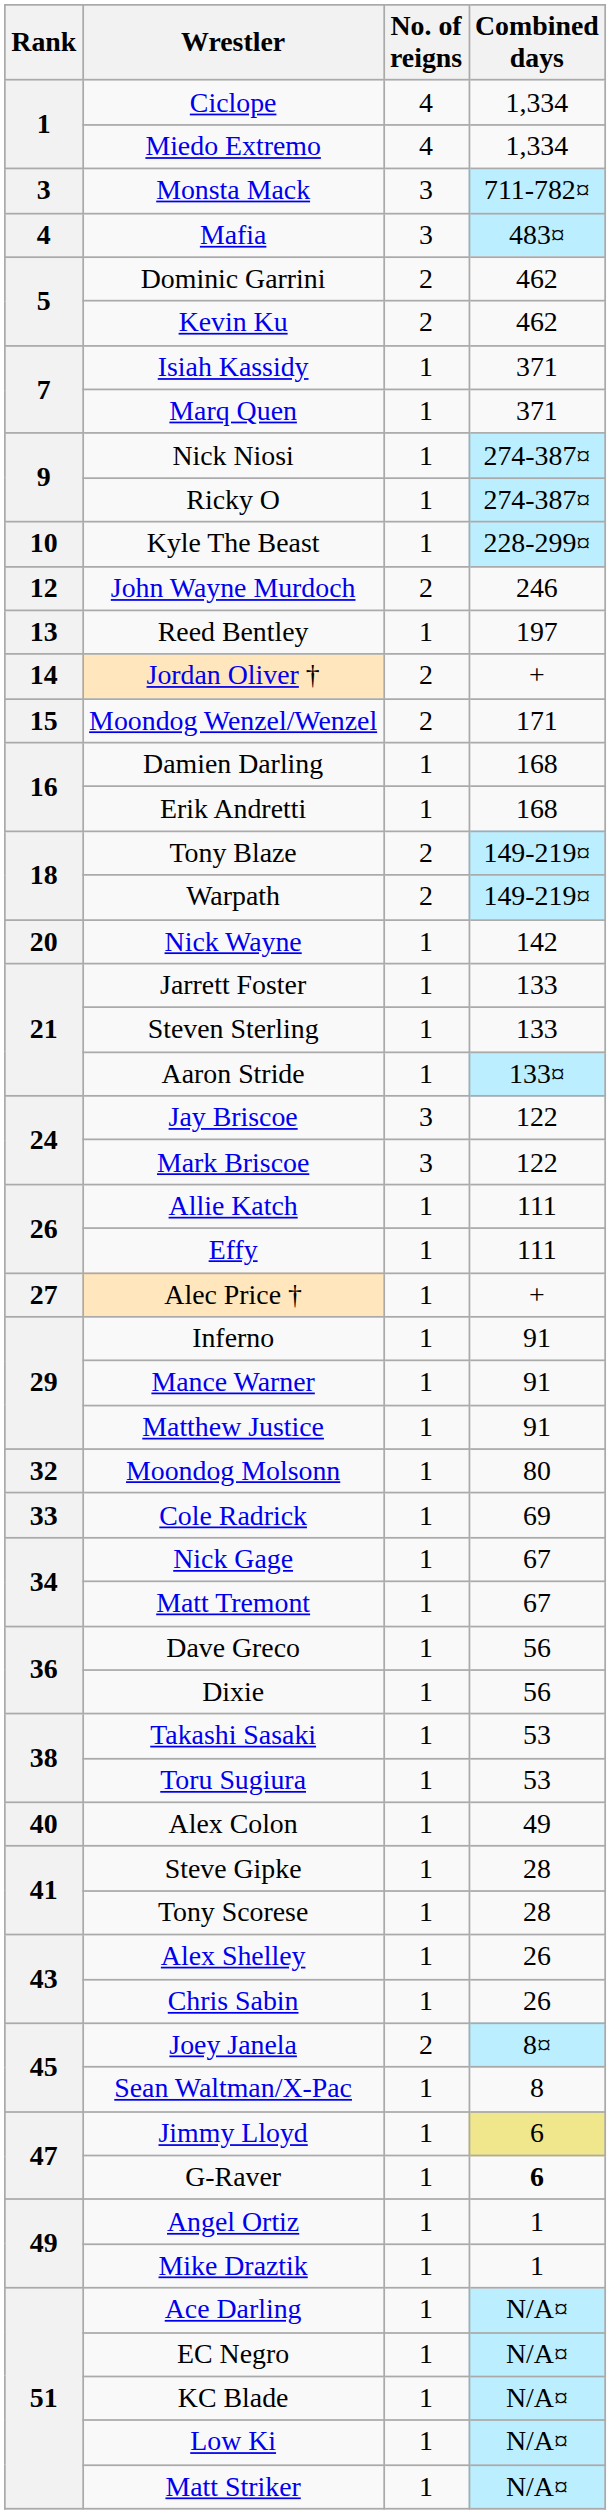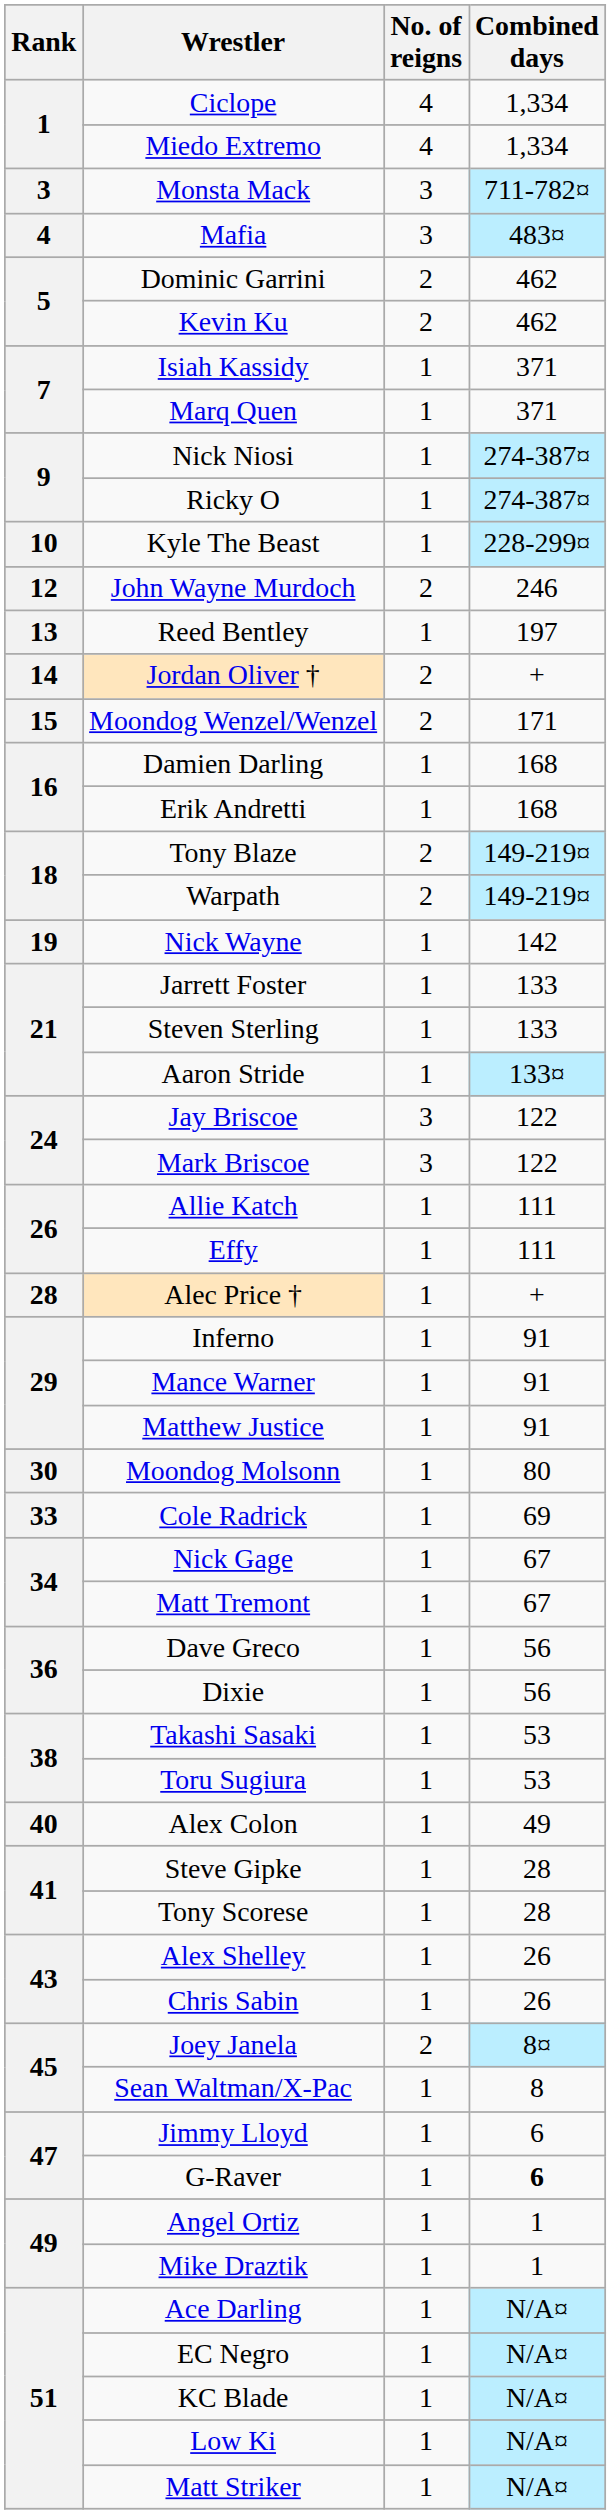 <table class="wikitable sortable" style="text-align: center">
 <tr>
 <th>Rank</th>
 <th>Wrestler</th>
 <th data-sort-type="number">No. of<br>reigns</th>
 <th data-sort-type="number">Combined<br>days</th>
 </tr>
 <tr>
 <th rowspan=2>1</th>
 <td><a href='#'>Ciclope</a></td>
 <td>4</td>
 <td>1,334</td>
 </tr>
 <tr>
 <td><a href='#'>Miedo Extremo</a></td>
 <td>4</td>
 <td>1,334</td>
 </tr>
 <tr>
 <th>3</th>
 <td><a href='#'>Monsta Mack</a></td>
 <td>3</td>
 <td style="background-color:#bbeeff">711-782¤</td>
 </tr>
 <tr>
 <th>4</th>
 <td><a href='#'>Mafia</a></td>
 <td>3</td>
 <td style="background-color:#bbeeff">483¤</td>
 </tr>
 <tr>
 <th rowspan=2>5</th>
 <td>Dominic Garrini</td>
 <td>2</td>
 <td>462</td>
 </tr>
 <tr>
 <td><a href='#'>Kevin Ku</a></td>
 <td>2</td>
 <td>462</td>
 </tr>
 <tr>
 <th rowspan=2>7</th>
 <td><a href='#'>Isiah Kassidy</a></td>
 <td>1</td>
 <td>371</td>
 </tr>
 <tr>
 <td><a href='#'>Marq Quen</a></td>
 <td>1</td>
 <td>371</td>
 </tr>
 <tr>
 <th rowspan=2>9</th>
 <td>Nick Niosi</td>
 <td>1</td>
 <td style="background-color:#bbeeff">274-387¤</td>
 </tr>
 <tr>
 <td>Ricky O</td>
 <td>1</td>
 <td style="background-color:#bbeeff">274-387¤</td>
 </tr>
 <tr>
 <th>10</th>
 <td>Kyle The Beast</td>
 <td>1</td>
 <td style="background-color:#bbeeff">228-299¤</td>
 </tr>
 <tr>
 <th>12</th>
 <td><a href='#'>John Wayne Murdoch</a></td>
 <td>2</td>
 <td>246</td>
 </tr>
 <tr>
 <th>13</th>
 <td>Reed Bentley</td>
 <td>1</td>
 <td>197</td>
 </tr>
 <tr>
 <th>14</th>
 <td style="background-color:#FFE6BD"><a href='#'>Jordan Oliver</a> †</td>
 <td>2</td>
 <td>+</td>
 </tr>
 <tr>
 <th>15</th>
 <td><a href='#'>Moondog Wenzel/Wenzel</a></td>
 <td>2</td>
 <td>171</td>
 </tr>
 <tr>
 <th rowspan=2>16</th>
 <td>Damien Darling</td>
 <td>1</td>
 <td>168</td>
 </tr>
 <tr>
 <td>Erik Andretti</td>
 <td>1</td>
 <td>168</td>
 </tr>
 <tr>
 <th rowspan=2>18</th>
 <td>Tony Blaze</td>
 <td>2</td>
 <td style="background-color:#bbeeff">149-219¤</td>
 </tr>
 <tr>
 <td>Warpath</td>
 <td>2</td>
 <td style="background-color:#bbeeff">149-219¤</td>
 </tr>
 <tr>
-<th>20</th>
+<th>19</th>
 <td><a href='#'>Nick Wayne</a></td>
 <td>1</td>
 <td>142</td>
 </tr>
 <tr>
 <th rowspan=3>21</th>
 <td>Jarrett Foster</td>
 <td>1</td>
 <td>133</td>
 </tr>
 <tr>
 <td>Steven Sterling</td>
 <td>1</td>
 <td>133</td>
 </tr>
 <tr>
 <td>Aaron Stride</td>
 <td>1</td>
 <td style="background-color:#bbeeff">133¤</td>
 </tr>
 <tr>
 <th rowspan=2>24</th>
 <td><a href='#'>Jay Briscoe</a></td>
 <td>3</td>
 <td>122</td>
 </tr>
 <tr>
 <td><a href='#'>Mark Briscoe</a></td>
 <td>3</td>
 <td>122</td>
 </tr>
 <tr>
 <th rowspan=2>26</th>
 <td><a href='#'>Allie Katch</a></td>
 <td>1</td>
 <td>111</td>
 </tr>
 <tr>
 <td><a href='#'>Effy</a></td>
 <td>1</td>
 <td>111</td>
 </tr>
 <tr>
-<th>27</th>
+<th>28</th>
 <td style="background-color:#FFE6BD">Alec Price †</td>
 <td>1</td>
 <td>+</td>
 </tr>
 <tr>
 <th rowspan=3>29</th>
 <td>Inferno</td>
 <td>1</td>
 <td>91</td>
 </tr>
 <tr>
 <td><a href='#'>Mance Warner</a></td>
 <td>1</td>
 <td>91</td>
 </tr>
 <tr>
 <td><a href='#'>Matthew Justice</a></td>
 <td>1</td>
 <td>91</td>
 </tr>
 <tr>
-<th>32</th>
+<th>30</th>
 <td><a href='#'>Moondog Molsonn</a></td>
 <td>1</td>
 <td>80</td>
 </tr>
 <tr>
 <th>33</th>
 <td><a href='#'>Cole Radrick</a></td>
 <td>1</td>
 <td>69</td>
 </tr>
 <tr>
 <th rowspan=2>34</th>
 <td><a href='#'>Nick Gage</a></td>
 <td>1</td>
 <td>67</td>
 </tr>
 <tr>
 <td><a href='#'>Matt Tremont</a></td>
 <td>1</td>
 <td>67</td>
 </tr>
 <tr>
 <th rowspan=2>36</th>
 <td>Dave Greco</td>
 <td>1</td>
 <td>56</td>
 </tr>
 <tr>
 <td>Dixie</td>
 <td>1</td>
 <td>56</td>
 </tr>
 <tr>
 <th rowspan=2>38</th>
 <td><a href='#'>Takashi Sasaki</a></td>
 <td>1</td>
 <td>53</td>
 </tr>
 <tr>
 <td><a href='#'>Toru Sugiura</a></td>
 <td>1</td>
 <td>53</td>
 </tr>
 <tr>
 <th>40</th>
 <td>Alex Colon</td>
 <td>1</td>
 <td>49</td>
 </tr>
 <tr>
 <th rowspan=2>41</th>
 <td>Steve Gipke</td>
 <td>1</td>
 <td>28</td>
 </tr>
 <tr>
 <td>Tony Scorese</td>
 <td>1</td>
 <td>28</td>
 </tr>
 <tr>
 <th rowspan=2>43</th>
 <td><a href='#'>Alex Shelley</a></td>
 <td>1</td>
 <td>26</td>
 </tr>
 <tr>
 <td><a href='#'>Chris Sabin</a></td>
 <td>1</td>
 <td>26</td>
 </tr>
 <tr>
 <th rowspan=2>45</th>
 <td><a href='#'>Joey Janela</a></td>
 <td>2</td>
 <td style="background-color:#bbeeff">8¤</td>
 </tr>
 <tr>
 <td><a href='#'>Sean Waltman/X-Pac</a></td>
 <td>1</td>
 <td>8</td>
 </tr>
 <tr>
 <th rowspan=2>47</th>
 <td><a href='#'>Jimmy Lloyd</a></td>
 <td>1</td>
-<td style="background: khaki;">6</td>
+<td>6</td>
 </tr>
 <tr>
 <td>G-Raver</td>
 <td>1</td>
 <td><strong>6</strong></td>
 </tr>
 <tr>
 <th rowspan=2>49</th>
 <td><a href='#'>Angel Ortiz</a></td>
 <td>1</td>
 <td>1</td>
 </tr>
 <tr>
 <td><a href='#'>Mike Draztik</a></td>
 <td>1</td>
 <td>1</td>
 </tr>
 <tr>
 <th rowspan=5>51</th>
 <td><a href='#'>Ace Darling</a></td>
 <td>1</td>
 <td style="background-color:#bbeeff">N/A¤</td>
 </tr>
 <tr>
 <td>EC Negro</td>
 <td>1</td>
 <td style="background-color:#bbeeff">N/A¤</td>
 </tr>
 <tr>
 <td>KC Blade</td>
 <td>1</td>
 <td style="background-color:#bbeeff">N/A¤</td>
 </tr>
 <tr>
 <td><a href='#'>Low Ki</a></td>
 <td>1</td>
 <td style="background-color:#bbeeff">N/A¤</td>
 </tr>
 <tr>
 <td><a href='#'>Matt Striker</a></td>
 <td>1</td>
 <td style="background-color:#bbeeff">N/A¤</td>
 </tr>
 </table>
